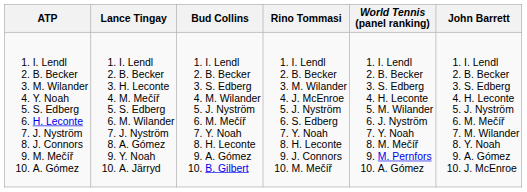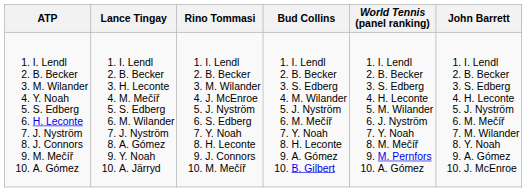 <table class="wikitable">
 <tr>
 <th>ATP</th>
 <th>Lance Tingay</th>
+<th>Rino Tommasi</th>
 <th>Bud Collins</th>
-<th>Rino Tommasi</th>
 <th><em>World Tennis</em><em><br></em>(panel ranking)</th>
 <th>John Barrett</th>
 </tr>
 <tr style="vertical-align: top;">
 <td style="white-space: nowrap;"><br><ol><li> I. Lendl</li><li> B. Becker</li><li> M. Wilander</li><li> Y. Noah</li><li> S. Edberg</li><li> <a href='#'>H. Leconte</a></li><li> J. Nyström</li><li> J. Connors</li><li> M. Mečíř</li><li> A. Gómez</li></ol></td>
 <td style="white-space: nowrap;"><br><ol><li> I. Lendl</li><li> B. Becker</li><li> H. Leconte</li><li> M. Mečíř</li><li> S. Edberg</li><li> M. Wilander</li><li> J. Nyström</li><li> A. Gómez</li><li> Y. Noah</li><li> A. Järryd</li></ol></td>
+<td style="white-space: nowrap;"><br><ol><li> I. Lendl</li><li> B. Becker</li><li> M. Wilander</li><li> J. McEnroe</li><li> J. Nyström</li><li> S. Edberg</li><li> Y. Noah</li><li> H. Leconte</li><li> J. Connors</li><li> M. Mečíř</li></ol></td>
 <td style="white-space: nowrap;"><br><ol><li> I. Lendl</li><li> B. Becker</li><li> S. Edberg</li><li> M. Wilander</li><li> J. Nyström</li><li> M. Mečíř</li><li> Y. Noah</li><li> H. Leconte</li><li> A. Gómez</li><li> <a href='#'>B. Gilbert</a></li></ol></td>
-<td style="white-space: nowrap;"><br><ol><li> I. Lendl</li><li> B. Becker</li><li> M. Wilander</li><li> J. McEnroe</li><li> J. Nyström</li><li> S. Edberg</li><li> Y. Noah</li><li> H. Leconte</li><li> J. Connors</li><li> M. Mečíř</li></ol></td>
 <td style="white-space: nowrap;"><br><ol><li> I. Lendl</li><li> B. Becker</li><li> S. Edberg</li><li> H. Leconte</li><li> M. Wilander</li><li> J. Nyström</li><li> Y. Noah</li><li> M. Mečíř</li><li> <a href='#'>M. Pernfors</a></li><li> A. Gómez</li></ol></td>
 <td style="white-space: nowrap;"><br><ol><li> I. Lendl</li><li> B. Becker</li><li> S. Edberg</li><li> H. Leconte</li><li> J. Nyström</li><li> M. Mečíř</li><li> M. Wilander</li><li> Y. Noah</li><li> A. Gómez</li><li> J. McEnroe</li></ol></td>
 </tr>
 </table>
